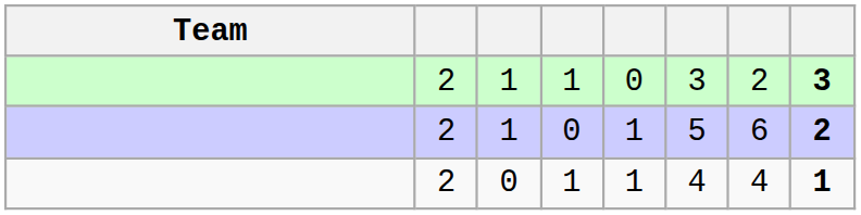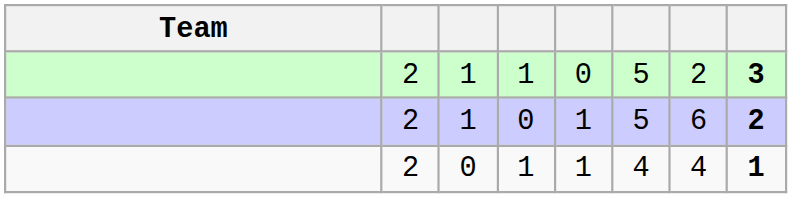 <table class="wikitable" style="text-align:center;">
 <tr>
 <th width=165>Team</th>
 <th width=20></th>
 <th width=20></th>
 <th width=20></th>
 <th width=20></th>
 <th width=20></th>
 <th width=20></th>
 <th width=20></th>
 </tr>
 <tr style="background:#cfc;">
 <td align="left"></td>
 <td>2</td>
 <td>1</td>
 <td>1</td>
 <td>0</td>
-<td>3</td>
+<td>5</td>
 <td>2</td>
 <td><strong>3</strong></td>
 </tr>
 <tr style="background: #ccccff;">
 <td align="left"></td>
 <td>2</td>
 <td>1</td>
 <td>0</td>
 <td>1</td>
 <td>5</td>
 <td>6</td>
 <td><strong>2</strong></td>
 </tr>
 <tr>
 <td align="left"></td>
 <td>2</td>
 <td>0</td>
 <td>1</td>
 <td>1</td>
 <td>4</td>
 <td>4</td>
 <td><strong>1</strong></td>
 </tr>
 </table>
